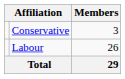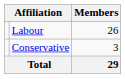 <table class="wikitable">
 <tr>
 <th colspan="2">Affiliation</th>
 <th>Members</th>
 </tr>
 <tr>
 <td style="color:inherit;background:"></td>
-<td><a href='#'>Conservative</a></td>
-<td style="text-align:right;">3</td>
+<td><a href='#'>Labour</a></td>
+<td style="text-align:right;">26</td>
 </tr>
 <tr>
 <td style="color:inherit;background:"></td>
-<td><a href='#'>Labour</a></td>
-<td style="text-align:right;">26</td>
+<td><a href='#'>Conservative</a></td>
+<td style="text-align:right;">3</td>
 </tr>
 <tr>
 <th colspan="2"> Total</th>
 <th style="text-align:right;">29</th>
 </tr>
 </table>
